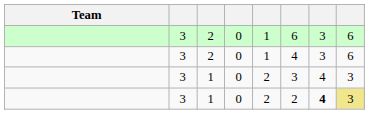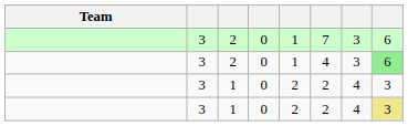 <table class="wikitable" style="text-align: center; font-size: 90%;">
 <tr>
 <th width=180>Team</th>
 <th width=25></th>
 <th width=25></th>
 <th width=25></th>
 <th width=25></th>
 <th width=25></th>
 <th width=25></th>
 <th width=25></th>
 </tr>
 <tr bgcolor=#ccffcc>
 <td align=left></td>
 <td>3</td>
 <td>2</td>
 <td>0</td>
 <td>1</td>
-<td>6</td>
+<td>7</td>
 <td>3</td>
 <td>6</td>
 </tr>
 <tr>
 <td align=left></td>
 <td>3</td>
 <td>2</td>
 <td>0</td>
 <td>1</td>
 <td>4</td>
 <td>3</td>
-<td>6</td>
+<td style="background: lightgreen;">6</td>
 </tr>
 <tr>
 <td align=left></td>
 <td>3</td>
 <td>1</td>
 <td>0</td>
 <td>2</td>
-<td>3</td>
+<td>2</td>
 <td>4</td>
 <td>3</td>
 </tr>
 <tr>
 <td align=left></td>
 <td>3</td>
 <td>1</td>
 <td>0</td>
 <td>2</td>
 <td>2</td>
-<td><strong>4</strong></td>
+<td>4</td>
 <td style="background: khaki;">3</td>
 </tr>
 </table>
